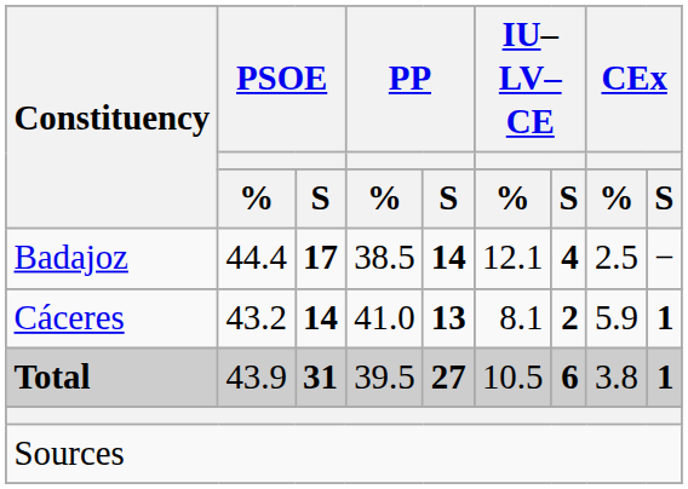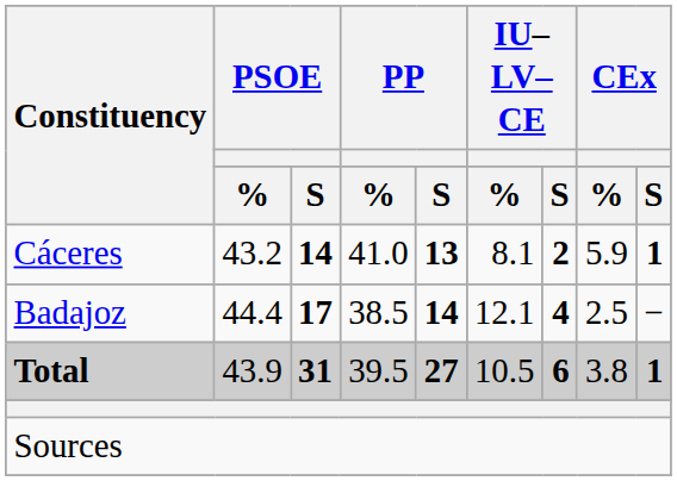 <table class="wikitable sortable" style="text-align:right; line-height:20px;">
 <tr>
 <th rowspan="3">Constituency</th>
 <th colspan="2" width="30px" class="unsortable"><a href='#'>PSOE</a></th>
 <th colspan="2" width="30px" class="unsortable"><a href='#'>PP</a></th>
 <th colspan="2" width="30px" class="unsortable"><a href='#'>IU</a>–<a href='#'>LV–CE</a></th>
 <th colspan="2" width="30px" class="unsortable"><a href='#'>CEx</a></th>
 </tr>
 <tr>
 <th colspan="2" style="background:"></th>
 <th colspan="2" style="background:"></th>
 <th colspan="2" style="background:"></th>
 <th colspan="2" style="background:"></th>
 </tr>
 <tr>
 <th data-sort-type="number">%</th>
 <th data-sort-type="number">S</th>
 <th data-sort-type="number">%</th>
 <th data-sort-type="number">S</th>
 <th data-sort-type="number">%</th>
 <th data-sort-type="number">S</th>
 <th data-sort-type="number">%</th>
 <th data-sort-type="number">S</th>
 </tr>
 <tr>
+<td align="left"><a href='#'>Cáceres</a></td>
+<td style="background:">43.2</td>
+<td><strong>14</strong></td>
+<td>41.0</td>
+<td><strong>13</strong></td>
+<td>8.1</td>
+<td><strong>2</strong></td>
+<td>5.9</td>
+<td><strong>1</strong></td>
+</tr>
+<tr>
 <td align="left"><a href='#'>Badajoz</a></td>
 <td style="background:">44.4</td>
 <td><strong>17</strong></td>
 <td>38.5</td>
 <td><strong>14</strong></td>
 <td>12.1</td>
 <td><strong>4</strong></td>
 <td>2.5</td>
 <td>−</td>
-</tr>
-<tr>
-<td align="left"><a href='#'>Cáceres</a></td>
-<td style="background:">43.2</td>
-<td><strong>14</strong></td>
-<td>41.0</td>
-<td><strong>13</strong></td>
-<td>8.1</td>
-<td><strong>2</strong></td>
-<td>5.9</td>
-<td><strong>1</strong></td>
 </tr>
 <tr style="background:#CDCDCD;">
 <td align="left"><strong>Total</strong></td>
 <td style="background:">43.9</td>
 <td><strong>31</strong></td>
 <td>39.5</td>
 <td><strong>27</strong></td>
 <td>10.5</td>
 <td><strong>6</strong></td>
 <td>3.8</td>
 <td><strong>1</strong></td>
 </tr>
 <tr>
 <th colspan="9"></th>
 </tr>
 <tr>
 <th style="text-align:left; font-weight:normal; background:#F9F9F9" colspan="9">Sources</th>
 </tr>
 </table>
